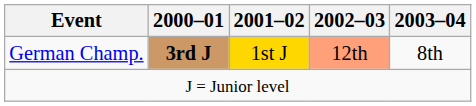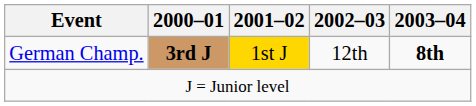 <table class="wikitable" style="text-align:center">
 <tr>
 <th>Event</th>
 <th>2000–01</th>
 <th>2001–02</th>
 <th>2002–03</th>
 <th>2003–04</th>
 </tr>
 <tr>
 <td align=left><a href='#'>German Champ.</a></td>
 <td bgcolor=cc9966><strong>3rd J</strong></td>
 <td bgcolor=gold>1st J</td>
-<td style="background: lightsalmon;">12th</td>
-<td>8th</td>
+<td>12th</td>
+<td><strong>8th</strong></td>
 </tr>
 <tr>
 <td colspan=5 align=center><small> J = Junior level </small></td>
 </tr>
 </table>
